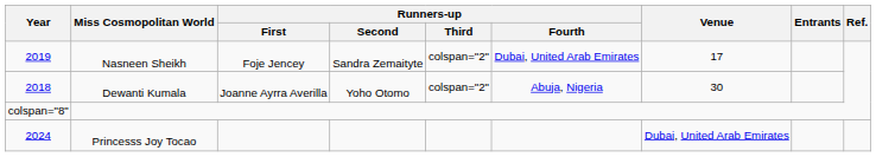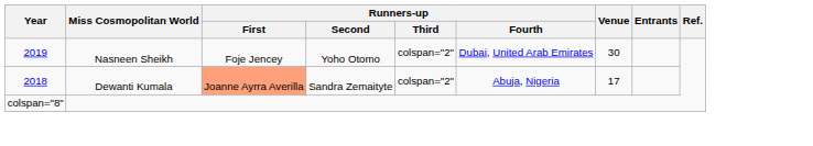 <table class="wikitable sortable" style="font-size: 85%; text-align:center">
 <tr>
 <th rowspan="2">Year</th>
 <th rowspan="2">Miss Cosmopolitan World</th>
 <th colspan="4">Runners-up</th>
 <th rowspan="2">Venue</th>
 <th rowspan="2">Entrants</th>
 <th rowspan="2">Ref.</th>
 </tr>
 <tr>
 <th>First</th>
 <th>Second</th>
 <th>Third</th>
 <th>Fourth</th>
 </tr>
 <tr>
 <td><a href='#'>2019</a></td>
 <td><br>Nasneen Sheikh</td>
 <td><br>Foje Jencey</td>
-<td><br>Sandra Zemaityte</td>
+<td><br>Yoho Otomo</td>
 <td>colspan="2" </td>
 <td><a href='#'>Dubai</a>, <a href='#'>United Arab Emirates</a></td>
-<td>17</td>
+<td>30</td>
 <td></td>
 </tr>
 <tr>
 <td><a href='#'>2018</a></td>
 <td><br>Dewanti Kumala</td>
-<td><br>Joanne Ayrra Averilla</td>
-<td><br>Yoho Otomo</td>
+<td style="background: lightsalmon;"><br>Joanne Ayrra Averilla</td>
+<td><br>Sandra Zemaityte</td>
 <td>colspan="2" </td>
 <td><a href='#'>Abuja</a>, <a href='#'>Nigeria</a></td>
-<td>30</td>
+<td>17</td>
 <td></td>
 </tr>
 <tr>
 <td>colspan="8" </td>
 </tr>
-<tr>
-<td><a href='#'>2024</a></td>
-<td><br>Princesss Joy Tocao</td>
-<td><br></td>
-<td><br></td>
-<td><br></td>
-<td><br></td>
-<td><a href='#'>Dubai</a>, <a href='#'>United Arab Emirates</a></td>
-<td></td>
-<td></td>
-</tr>
 </table>
